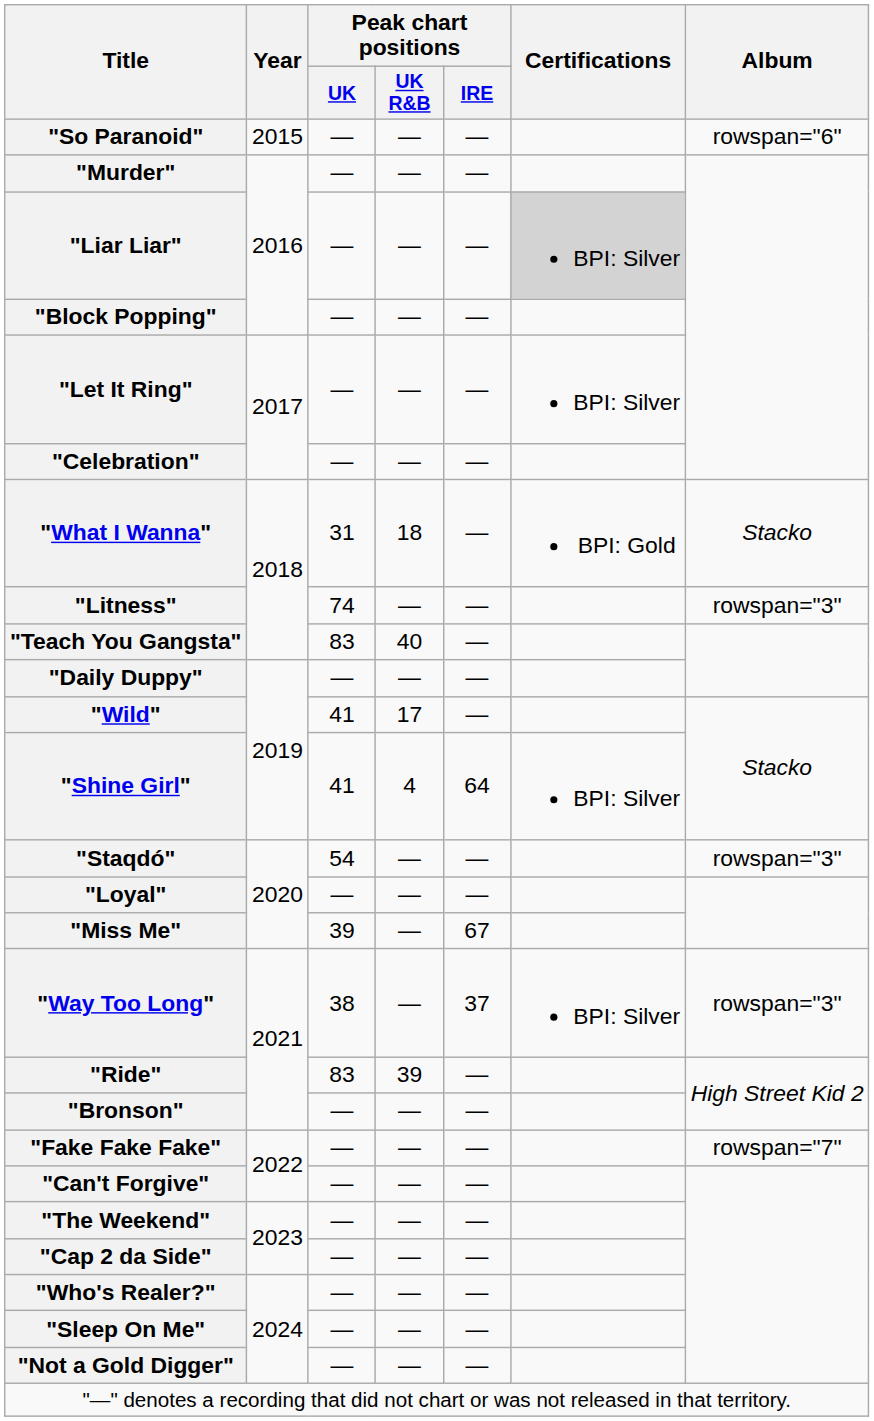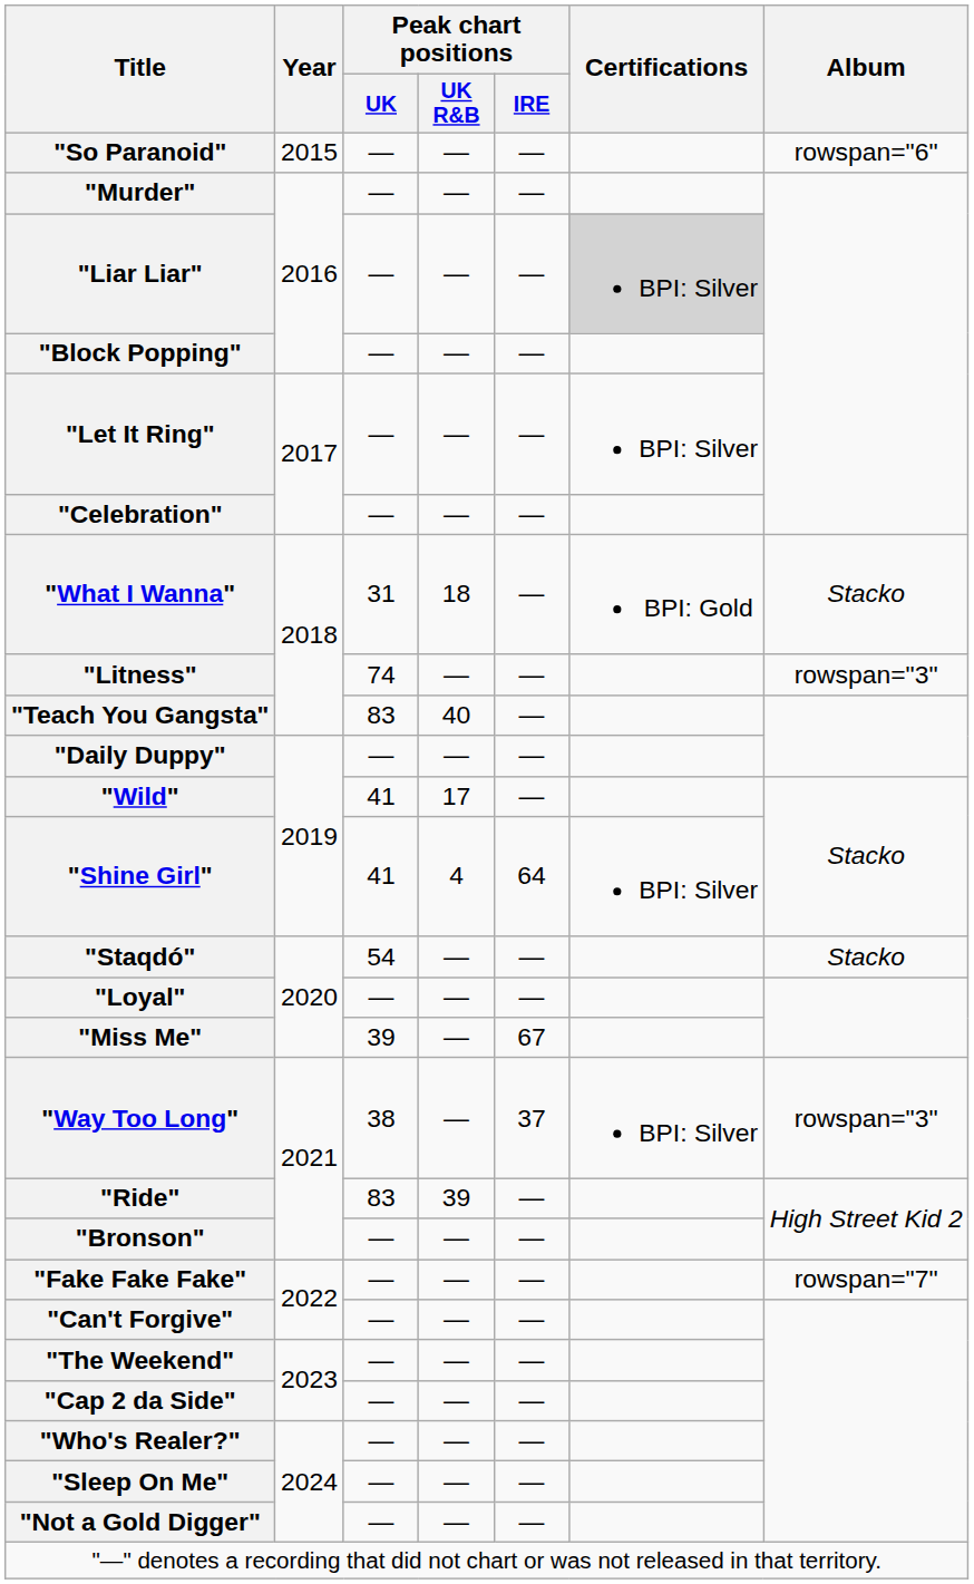 <table class="wikitable plainrowheaders" style="text-align:center;">
 <tr>
 <th scope="col" rowspan="2">Title</th>
 <th scope="col" rowspan="2">Year</th>
 <th scope="col" colspan="3">Peak chart positions</th>
 <th scope="col" rowspan="2">Certifications</th>
 <th scope="col" rowspan="2">Album</th>
 </tr>
 <tr>
 <th scope="col" style="width:3em;font-size:85%;"><a href='#'>UK</a><br></th>
 <th scope="col" style="width:3em;font-size:85%;"><a href='#'>UK R&B</a><br></th>
 <th scope="col" style="width:3em;font-size:85%;"><a href='#'>IRE</a><br></th>
 </tr>
 <tr>
 <th scope="row">"So Paranoid"<br></th>
 <td>2015</td>
 <td>—</td>
 <td>—</td>
 <td>—</td>
 <td></td>
 <td>rowspan="6" </td>
 </tr>
 <tr>
 <th scope="row">"Murder"<br></th>
 <td rowspan="3">2016</td>
 <td>—</td>
 <td>—</td>
 <td>—</td>
 <td></td>
 </tr>
 <tr>
 <th scope="row">"Liar Liar"</th>
 <td>—</td>
 <td>—</td>
 <td>—</td>
 <td style="background: lightgrey;"><br><ul><li>BPI: Silver</li></ul></td>
 </tr>
 <tr>
 <th scope="row">"Block Popping"</th>
 <td>—</td>
 <td>—</td>
 <td>—</td>
 <td></td>
 </tr>
 <tr>
 <th scope="row">"Let It Ring"</th>
 <td rowspan="2">2017</td>
 <td>—</td>
 <td>—</td>
 <td>—</td>
 <td><br><ul><li>BPI: Silver</li></ul></td>
 </tr>
 <tr>
 <th scope="row">"Celebration"<br></th>
 <td>—</td>
 <td>—</td>
 <td>—</td>
 <td></td>
 </tr>
 <tr>
 <th scope="row">"<a href='#'>What I Wanna</a>"</th>
 <td rowspan="3">2018</td>
 <td>31</td>
 <td>18</td>
 <td>—</td>
 <td><br><ul><li>BPI: Gold</li></ul></td>
 <td><em>Stacko</em></td>
 </tr>
 <tr>
 <th scope="row">"Litness"</th>
 <td>74</td>
 <td>—</td>
 <td>—</td>
 <td></td>
 <td>rowspan="3" </td>
 </tr>
 <tr>
 <th scope="row">"Teach You Gangsta"</th>
 <td>83</td>
 <td>40</td>
 <td>—</td>
 <td></td>
 </tr>
 <tr>
 <th scope="row">"Daily Duppy"</th>
 <td rowspan="3">2019</td>
 <td>—</td>
 <td>—</td>
 <td>—</td>
 <td></td>
 </tr>
 <tr>
 <th scope="row">"<a href='#'>Wild</a>"</th>
 <td>41</td>
 <td>17</td>
 <td>—</td>
 <td></td>
 <td rowspan="2"><em>Stacko</em></td>
 </tr>
 <tr>
 <th scope="row">"<a href='#'>Shine Girl</a>"<br></th>
 <td>41</td>
 <td>4</td>
 <td>64</td>
 <td><br><ul><li>BPI: Silver</li></ul></td>
 </tr>
 <tr>
 <th scope="row">"Staqdó"</th>
 <td rowspan="3">2020</td>
 <td>54</td>
 <td>—</td>
 <td>—</td>
 <td></td>
-<td>rowspan="3" </td>
+<td><em>Stacko</em></td>
 </tr>
 <tr>
 <th scope="row">"Loyal"</th>
 <td>—</td>
 <td>—</td>
 <td>—</td>
 <td></td>
 </tr>
 <tr>
 <th scope="row">"Miss Me"<br></th>
 <td>39</td>
 <td>—</td>
 <td>67</td>
 <td></td>
 </tr>
 <tr>
 <th scope="row">"<a href='#'>Way Too Long</a>"<br></th>
 <td rowspan="3">2021</td>
 <td>38</td>
 <td>—</td>
 <td>37<br></td>
 <td><br><ul><li>BPI: Silver</li></ul></td>
 <td>rowspan="3" </td>
 </tr>
 <tr>
 <th scope="row">"Ride"</th>
 <td>83</td>
 <td>39</td>
 <td>—</td>
 <td></td>
 <td rowspan="2"><em>High Street Kid 2</em></td>
 </tr>
 <tr>
 <th scope="row">"Bronson"</th>
 <td>—</td>
 <td>—</td>
 <td>—</td>
 <td></td>
 </tr>
 <tr>
 <th scope="row">"Fake Fake Fake"</th>
 <td rowspan="2">2022</td>
 <td>—</td>
 <td>—</td>
 <td>—</td>
 <td></td>
 <td>rowspan="7" </td>
 </tr>
 <tr>
 <th scope="row">"Can't Forgive"</th>
 <td>—</td>
 <td>—</td>
 <td>—</td>
 <td></td>
 </tr>
 <tr>
 <th scope="row">"The Weekend"</th>
 <td rowspan="2">2023</td>
 <td>—</td>
 <td>—</td>
 <td>—</td>
 <td></td>
 </tr>
 <tr>
 <th scope="row">"Cap 2 da Side"</th>
 <td>—</td>
 <td>—</td>
 <td>—</td>
 <td></td>
 </tr>
 <tr>
 <th scope="row">"Who's Realer?"</th>
 <td rowspan="3">2024</td>
 <td>—</td>
 <td>—</td>
 <td>—</td>
 <td></td>
 </tr>
 <tr>
 <th scope="row">"Sleep On Me"</th>
 <td>—</td>
 <td>—</td>
 <td>—</td>
 <td></td>
 </tr>
 <tr>
 <th scope="row">"Not a Gold Digger"</th>
 <td>—</td>
 <td>—</td>
 <td>—</td>
 <td></td>
 </tr>
 <tr>
 <td colspan="8" style="font-size:90%">"—" denotes a recording that did not chart or was not released in that territory.</td>
 </tr>
 </table>
